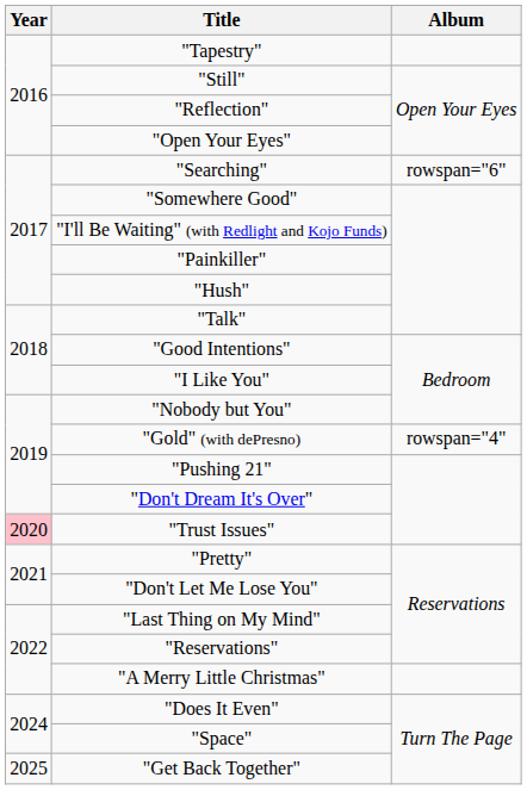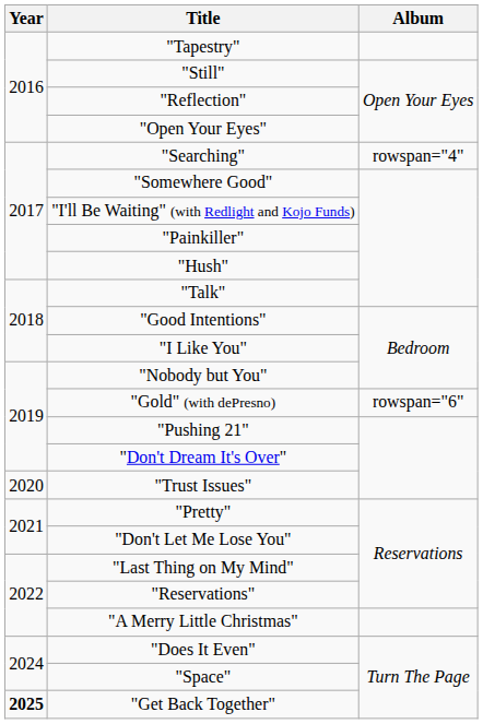 <table class="wikitable plainrowheaders" style="text-align:center;">
 <tr>
 <th>Year</th>
 <th>Title</th>
 <th>Album</th>
 </tr>
 <tr>
 <td rowspan="4">2016</td>
 <td>"Tapestry"</td>
 <td></td>
 </tr>
 <tr>
 <td>"Still"</td>
 <td rowspan="3"><em>Open Your Eyes</em></td>
 </tr>
 <tr>
 <td>"Reflection"</td>
 </tr>
 <tr>
 <td>"Open Your Eyes"</td>
 </tr>
 <tr>
 <td rowspan="5">2017</td>
 <td>"Searching"</td>
-<td>rowspan="6" </td>
+<td>rowspan="4" </td>
 </tr>
 <tr>
 <td>"Somewhere Good"</td>
 </tr>
 <tr>
 <td>"I'll Be Waiting" <small>(with <a href='#'>Redlight</a> and <a href='#'>Kojo Funds</a>)</small></td>
 </tr>
 <tr>
 <td>"Painkiller"</td>
 </tr>
 <tr>
 <td>"Hush"</td>
 </tr>
 <tr>
 <td rowspan="3">2018</td>
 <td>"Talk"</td>
 </tr>
 <tr>
 <td>"Good Intentions"</td>
 <td rowspan="3"><em>Bedroom</em></td>
 </tr>
 <tr>
 <td>"I Like You"</td>
 </tr>
 <tr>
 <td rowspan="4">2019</td>
 <td>"Nobody but You"</td>
 </tr>
 <tr>
 <td>"Gold" <small>(with dePresno)</small></td>
-<td>rowspan="4" </td>
+<td>rowspan="6" </td>
 </tr>
 <tr>
 <td>"Pushing 21"</td>
 </tr>
 <tr>
 <td>"<a href='#'>Don't Dream It's Over</a>"</td>
 </tr>
 <tr>
-<td rowspan="1" style="background: pink;">2020</td>
+<td rowspan="1">2020</td>
 <td>"Trust Issues"</td>
 </tr>
 <tr>
 <td rowspan="2">2021</td>
 <td>"Pretty"</td>
 <td rowspan="4"><em>Reservations</em></td>
 </tr>
 <tr>
 <td>"Don't Let Me Lose You"</td>
 </tr>
 <tr>
 <td rowspan="3">2022</td>
 <td>"Last Thing on My Mind"</td>
 </tr>
 <tr>
 <td>"Reservations"</td>
 </tr>
 <tr>
 <td>"A Merry Little Christmas"</td>
 <td></td>
 </tr>
 <tr>
 <td rowspan="2">2024</td>
 <td>"Does It Even"</td>
 <td rowspan="3"><em>Turn The Page</em></td>
 </tr>
 <tr>
 <td>"Space"</td>
 </tr>
 <tr>
-<td rowspan="1">2025</td>
+<td rowspan="1"><strong>2025</strong></td>
 <td>"Get Back Together"</td>
 </tr>
 </table>
